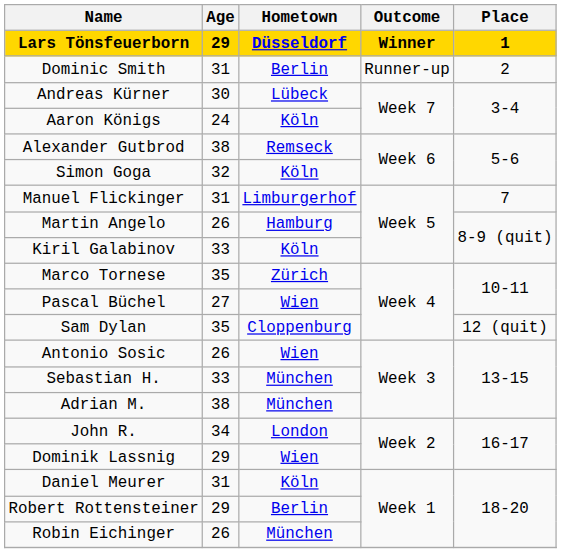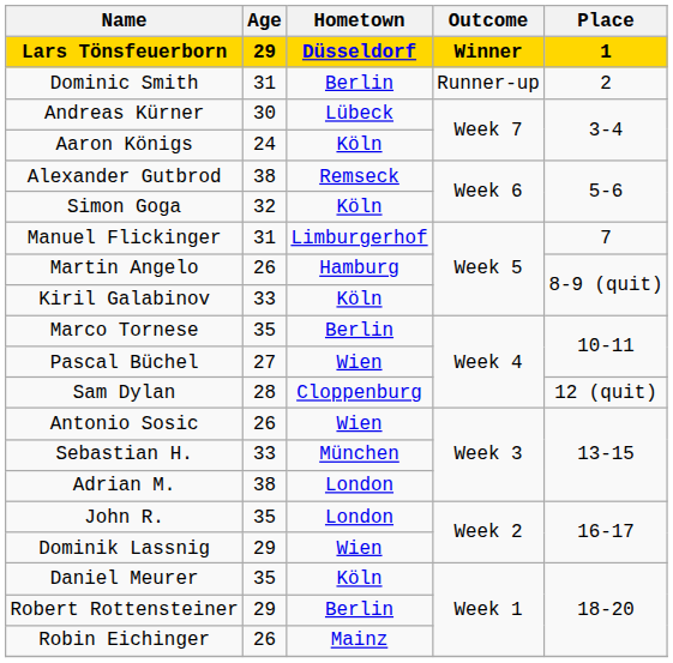 <table class="wikitable sortable" style="text-align:center;">
 <tr>
 <th>Name</th>
 <th>Age</th>
 <th>Hometown</th>
 <th>Outcome</th>
 <th>Place</th>
 </tr>
 <tr bgcolor="gold"|>
 <td><strong>Lars Tönsfeuerborn</strong></td>
 <td><strong>29</strong></td>
 <td><strong><a href='#'>Düsseldorf</a></strong></td>
 <td><strong>Winner</strong></td>
 <td><strong>1</strong></td>
 </tr>
 <tr>
 <td>Dominic Smith</td>
 <td>31</td>
 <td><a href='#'>Berlin</a></td>
 <td>Runner-up</td>
 <td>2</td>
 </tr>
 <tr>
 <td>Andreas Kürner</td>
 <td>30</td>
 <td><a href='#'>Lübeck</a></td>
 <td rowspan="2">Week 7</td>
 <td rowspan="2">3-4</td>
 </tr>
 <tr>
 <td>Aaron Königs</td>
 <td>24</td>
 <td><a href='#'>Köln</a></td>
 </tr>
 <tr>
 <td>Alexander Gutbrod</td>
 <td>38</td>
 <td><a href='#'>Remseck</a></td>
 <td rowspan="2">Week 6</td>
 <td rowspan="2">5-6</td>
 </tr>
 <tr>
 <td>Simon Goga</td>
 <td>32</td>
 <td><a href='#'>Köln</a></td>
 </tr>
 <tr>
 <td>Manuel Flickinger</td>
 <td>31</td>
 <td><a href='#'>Limburgerhof</a></td>
 <td rowspan="3">Week 5</td>
 <td>7</td>
 </tr>
 <tr>
 <td>Martin Angelo</td>
 <td>26</td>
 <td><a href='#'>Hamburg</a></td>
 <td rowspan="2">8-9 (quit)</td>
 </tr>
 <tr>
 <td>Kiril Galabinov</td>
 <td>33</td>
 <td><a href='#'>Köln</a></td>
 </tr>
 <tr>
 <td>Marco Tornese</td>
 <td>35</td>
-<td><a href='#'>Zürich</a></td>
+<td><a href='#'>Berlin</a></td>
 <td rowspan="3">Week 4</td>
 <td rowspan="2">10-11</td>
 </tr>
 <tr>
 <td>Pascal Büchel</td>
 <td>27</td>
 <td><a href='#'>Wien</a></td>
 </tr>
 <tr>
 <td>Sam Dylan</td>
-<td>35</td>
+<td>28</td>
 <td><a href='#'>Cloppenburg</a></td>
 <td>12 (quit)</td>
 </tr>
 <tr>
 <td>Antonio Sosic</td>
 <td>26</td>
 <td><a href='#'>Wien</a></td>
 <td rowspan="3">Week 3</td>
 <td rowspan="3">13-15</td>
 </tr>
 <tr>
 <td>Sebastian H.</td>
 <td>33</td>
 <td><a href='#'>München</a></td>
 </tr>
 <tr>
 <td>Adrian M.</td>
 <td>38</td>
-<td><a href='#'>München</a></td>
+<td><a href='#'>London</a></td>
 </tr>
 <tr>
 <td>John R.</td>
-<td>34</td>
+<td>35</td>
 <td><a href='#'>London</a></td>
 <td rowspan="2">Week 2</td>
 <td rowspan="2">16-17</td>
 </tr>
 <tr>
 <td>Dominik Lassnig</td>
 <td>29</td>
 <td><a href='#'>Wien</a></td>
 </tr>
 <tr>
 <td>Daniel Meurer</td>
-<td>31</td>
+<td>35</td>
 <td><a href='#'>Köln</a></td>
 <td rowspan="3">Week 1</td>
 <td rowspan="3">18-20</td>
 </tr>
 <tr>
 <td>Robert Rottensteiner</td>
 <td>29</td>
 <td><a href='#'>Berlin</a></td>
 </tr>
 <tr>
 <td>Robin Eichinger</td>
 <td>26</td>
-<td><a href='#'>München</a></td>
+<td><a href='#'>Mainz</a></td>
 </tr>
 <tr>
 </tr>
 </table>
